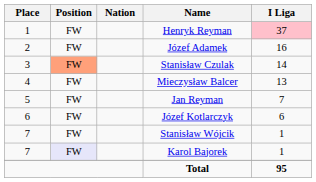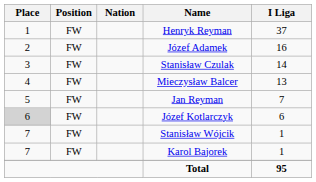 <table class="wikitable" style="font-size: 95%; text-align: center;">
 <tr>
 <th width=60>Place</th>
 <th width=60>Position</th>
 <th width=60>Nation</th>
 <th width=150>Name</th>
 <th width=80>I Liga</th>
 </tr>
 <tr>
 <td>1</td>
 <td>FW</td>
 <td></td>
 <td><a href='#'>Henryk Reyman</a></td>
-<td style="background: pink;">37</td>
+<td>37</td>
 </tr>
 <tr>
 <td>2</td>
 <td>FW</td>
 <td></td>
 <td><a href='#'>Józef Adamek</a></td>
 <td>16</td>
 </tr>
 <tr>
 <td>3</td>
-<td style="background: lightsalmon;">FW</td>
+<td>FW</td>
 <td></td>
 <td><a href='#'>Stanisław Czulak</a></td>
 <td>14</td>
 </tr>
 <tr>
 <td>4</td>
 <td>FW</td>
 <td></td>
 <td><a href='#'>Mieczysław Balcer</a></td>
 <td>13</td>
 </tr>
 <tr>
 <td>5</td>
 <td>FW</td>
 <td></td>
 <td><a href='#'>Jan Reyman</a></td>
 <td>7</td>
 </tr>
 <tr>
-<td>6</td>
+<td style="background: lightgrey;">6</td>
 <td>FW</td>
 <td></td>
 <td><a href='#'>Józef Kotlarczyk</a></td>
 <td>6</td>
 </tr>
 <tr>
 <td>7</td>
 <td>FW</td>
 <td></td>
 <td><a href='#'>Stanisław Wójcik</a></td>
 <td>1</td>
 </tr>
 <tr>
 <td>7</td>
-<td style="background: lavender;">FW</td>
+<td>FW</td>
 <td></td>
 <td><a href='#'>Karol Bajorek</a></td>
 <td>1</td>
 </tr>
 <tr>
 </tr>
 <tr>
 <td colspan="3"></td>
 <td><strong>Total</strong></td>
 <td><strong>95</strong></td>
 </tr>
 </table>
